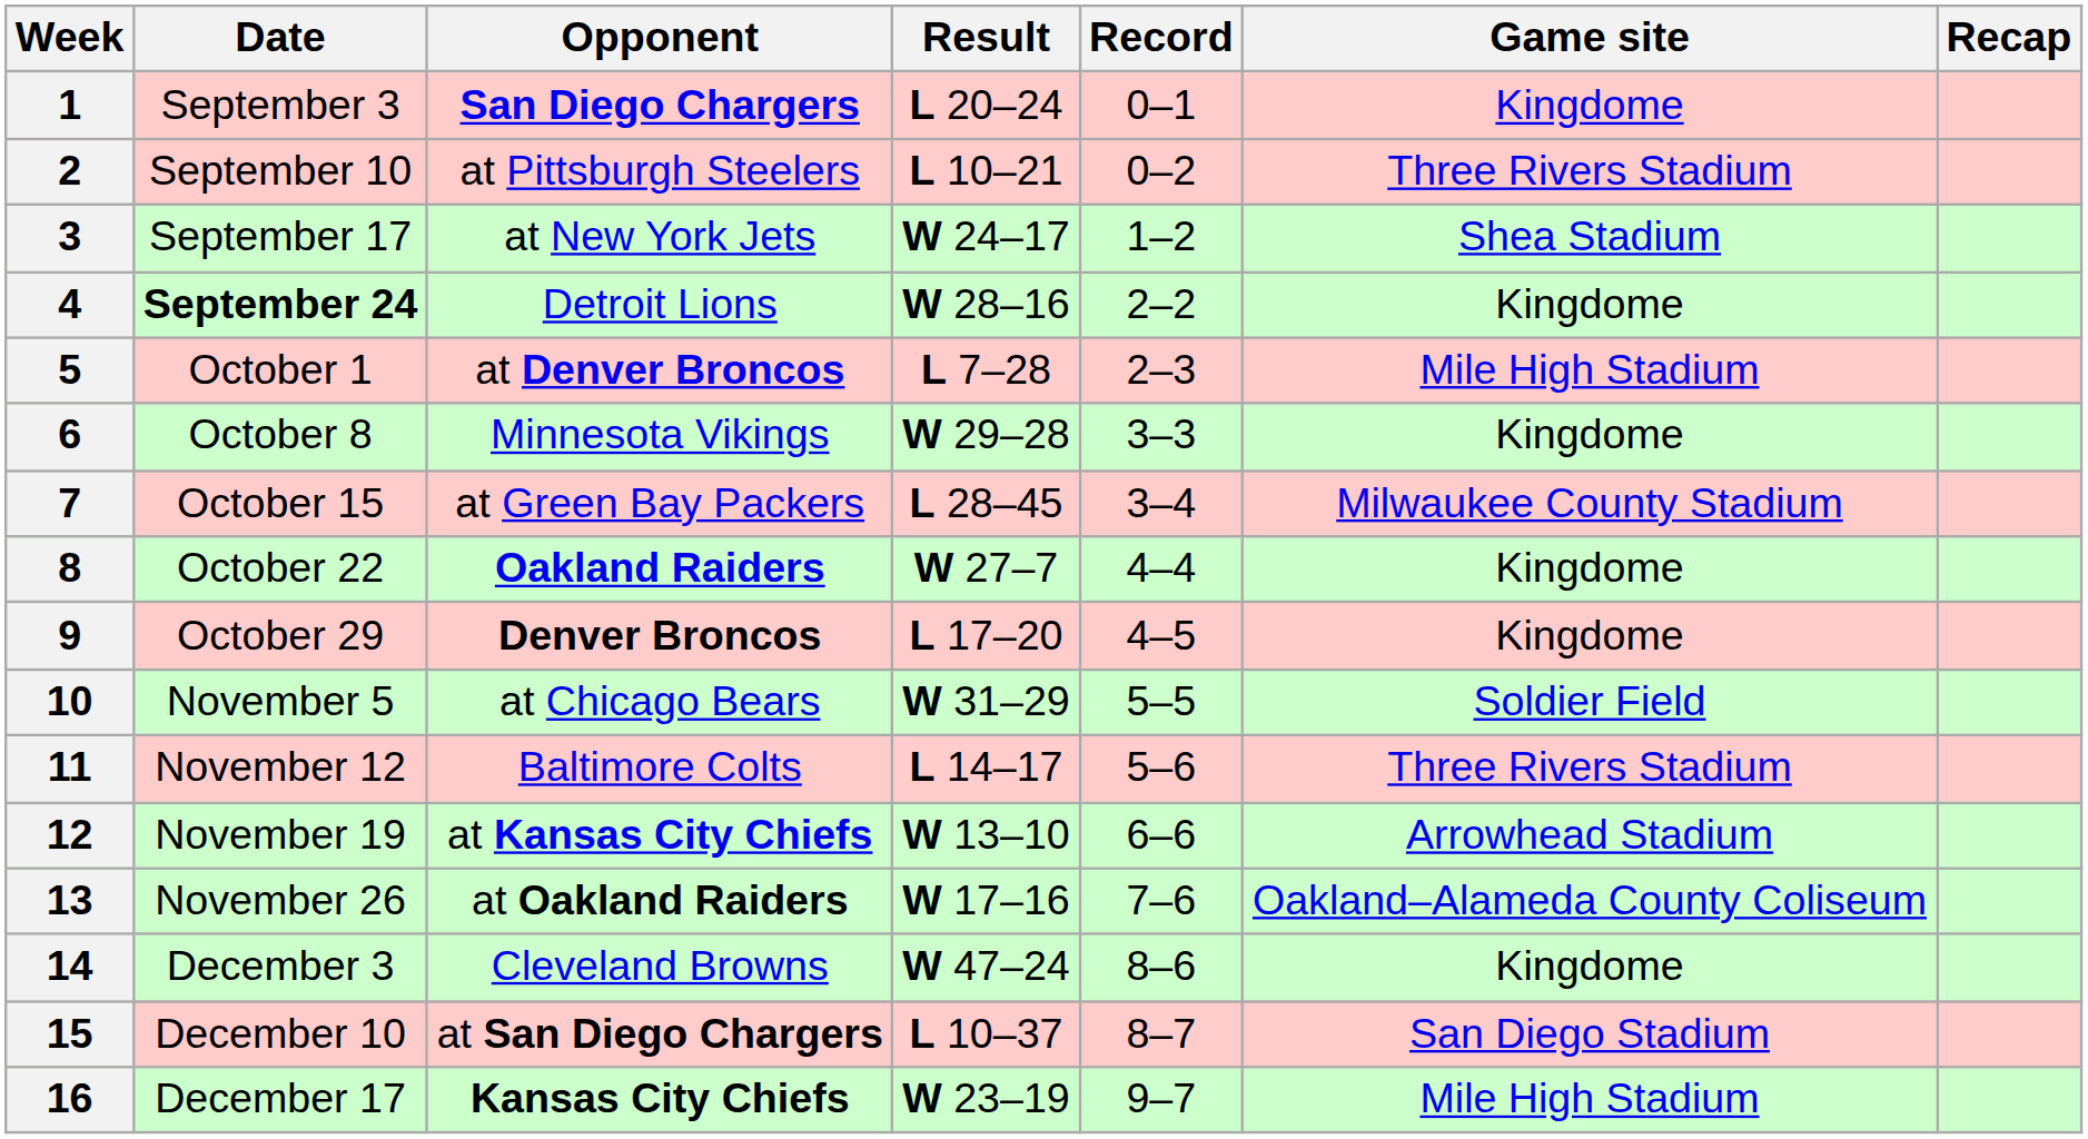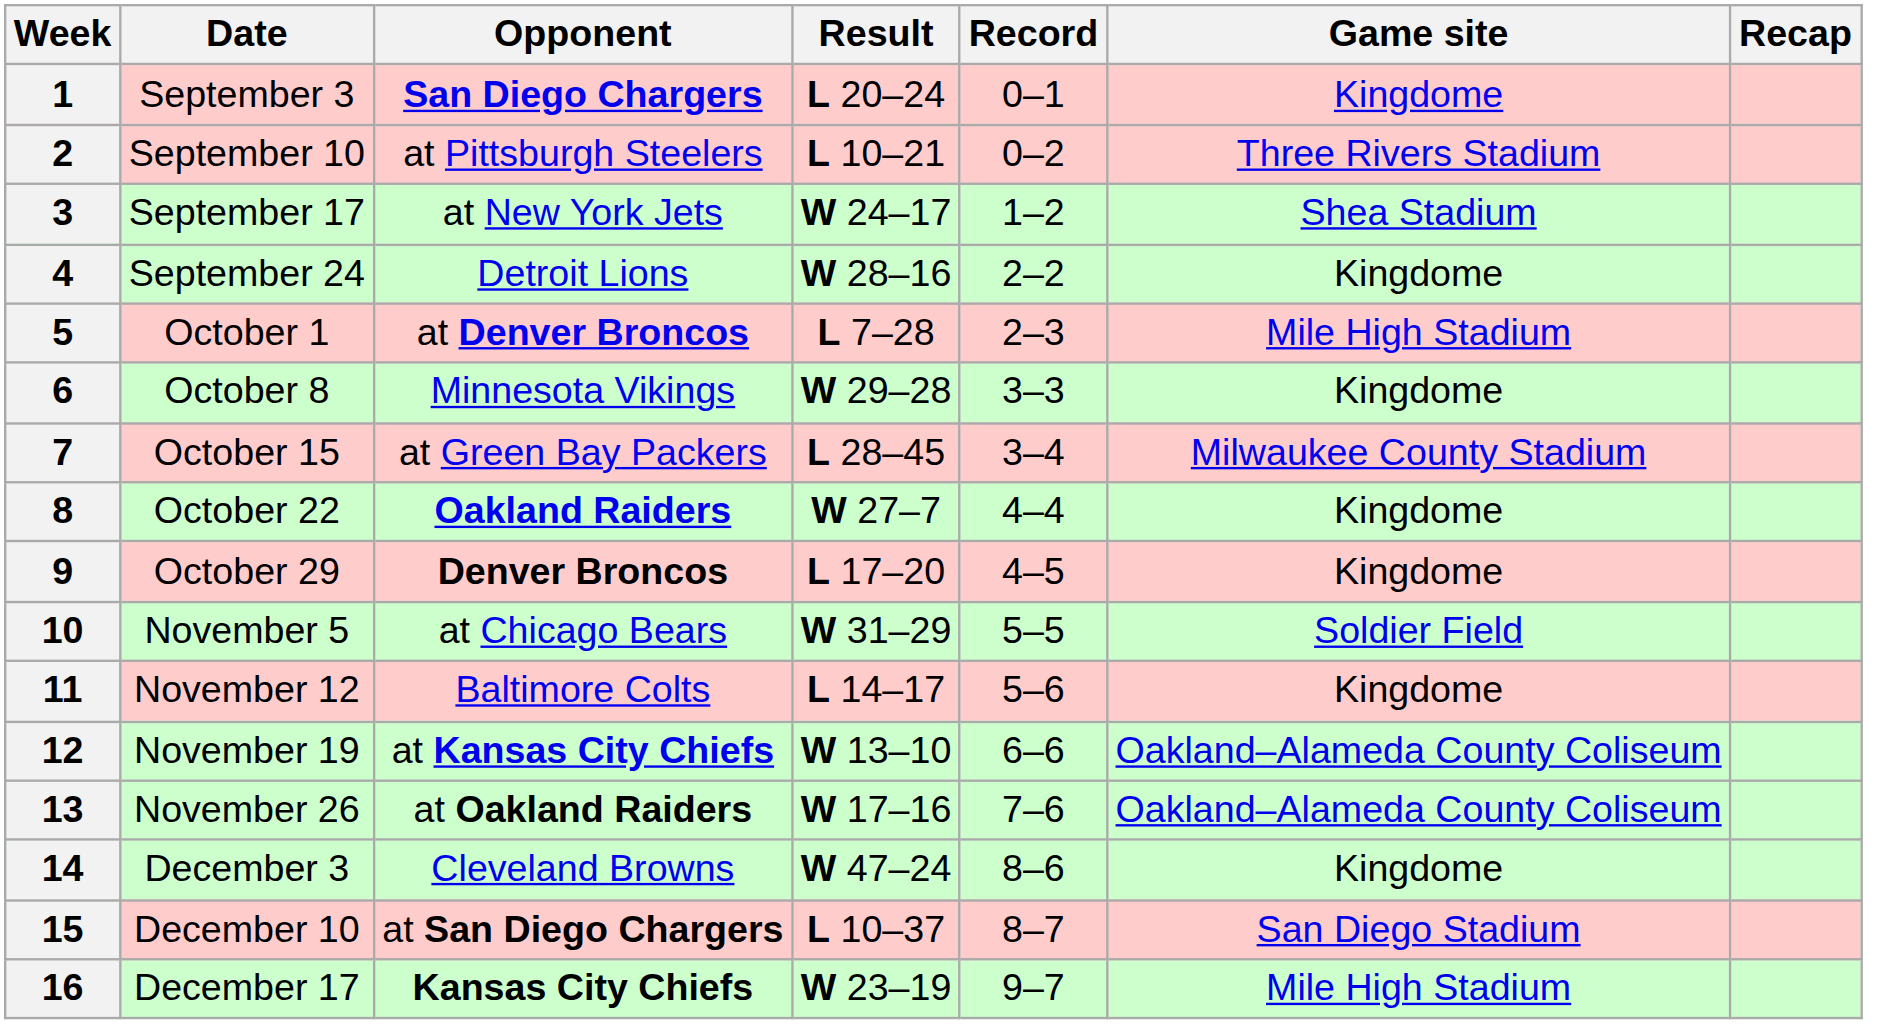 <table class="wikitable" style="text-align:center">
 <tr>
 <th>Week</th>
 <th>Date</th>
 <th>Opponent</th>
 <th>Result</th>
 <th>Record</th>
 <th>Game site</th>
 <th>Recap</th>
 </tr>
 <tr style="background:#fcc">
 <th>1</th>
 <td>September 3</td>
 <td><strong><a href='#'>San Diego Chargers</a></strong></td>
 <td><strong>L</strong> 20–24</td>
 <td>0–1</td>
 <td><a href='#'>Kingdome</a></td>
 <td></td>
 </tr>
 <tr style="background:#fcc">
 <th>2</th>
 <td>September 10</td>
 <td>at <a href='#'>Pittsburgh Steelers</a></td>
 <td><strong>L</strong> 10–21</td>
 <td>0–2</td>
 <td><a href='#'>Three Rivers Stadium</a></td>
 <td></td>
 </tr>
 <tr style="background:#cfc">
 <th>3</th>
 <td>September 17</td>
 <td>at <a href='#'>New York Jets</a></td>
 <td><strong>W</strong> 24–17</td>
 <td>1–2</td>
 <td><a href='#'>Shea Stadium</a></td>
 <td></td>
 </tr>
 <tr style="background:#cfc">
 <th>4</th>
-<td><strong>September 24</strong></td>
+<td>September 24</td>
 <td><a href='#'>Detroit Lions</a></td>
 <td><strong>W</strong> 28–16</td>
 <td>2–2</td>
 <td>Kingdome</td>
 <td></td>
 </tr>
 <tr style="background:#fcc">
 <th>5</th>
 <td>October 1</td>
 <td>at <strong><a href='#'>Denver Broncos</a></strong></td>
 <td><strong>L</strong> 7–28</td>
 <td>2–3</td>
 <td><a href='#'>Mile High Stadium</a></td>
 <td></td>
 </tr>
 <tr style="background:#cfc">
 <th>6</th>
 <td>October 8</td>
 <td><a href='#'>Minnesota Vikings</a></td>
 <td><strong>W</strong> 29–28</td>
 <td>3–3</td>
 <td>Kingdome</td>
 <td></td>
 </tr>
 <tr style="background:#fcc">
 <th>7</th>
 <td>October 15</td>
 <td>at <a href='#'>Green Bay Packers</a></td>
 <td><strong>L</strong> 28–45</td>
 <td>3–4</td>
 <td><a href='#'>Milwaukee County Stadium</a></td>
 <td></td>
 </tr>
 <tr style="background:#cfc">
 <th>8</th>
 <td>October 22</td>
 <td><strong><a href='#'>Oakland Raiders</a></strong></td>
 <td><strong>W</strong> 27–7</td>
 <td>4–4</td>
 <td>Kingdome</td>
 <td></td>
 </tr>
 <tr style="background:#fcc">
 <th>9</th>
 <td>October 29</td>
 <td><strong>Denver Broncos</strong></td>
 <td><strong>L</strong> 17–20 </td>
 <td>4–5</td>
 <td>Kingdome</td>
 <td></td>
 </tr>
 <tr style="background:#cfc">
 <th>10</th>
 <td>November 5</td>
 <td>at <a href='#'>Chicago Bears</a></td>
 <td><strong>W</strong> 31–29</td>
 <td>5–5</td>
 <td><a href='#'>Soldier Field</a></td>
 <td></td>
 </tr>
 <tr style="background:#fcc">
 <th>11</th>
 <td>November 12</td>
 <td><a href='#'>Baltimore Colts</a></td>
 <td><strong>L</strong> 14–17</td>
 <td>5–6</td>
-<td><a href='#'>Three Rivers Stadium</a></td>
+<td>Kingdome</td>
 <td></td>
 </tr>
 <tr style="background:#cfc">
 <th>12</th>
 <td>November 19</td>
 <td>at <strong><a href='#'>Kansas City Chiefs</a></strong></td>
 <td><strong>W</strong> 13–10</td>
 <td>6–6</td>
-<td><a href='#'>Arrowhead Stadium</a></td>
+<td><a href='#'>Oakland–Alameda County Coliseum</a></td>
 <td></td>
 </tr>
 <tr style="background:#cfc">
 <th>13</th>
 <td>November 26</td>
 <td>at <strong>Oakland Raiders</strong></td>
 <td><strong>W</strong> 17–16</td>
 <td>7–6</td>
 <td><a href='#'>Oakland–Alameda County Coliseum</a></td>
 <td></td>
 </tr>
 <tr style="background:#cfc">
 <th>14</th>
 <td>December 3</td>
 <td><a href='#'>Cleveland Browns</a></td>
 <td><strong>W</strong> 47–24</td>
 <td>8–6</td>
 <td>Kingdome</td>
 <td></td>
 </tr>
 <tr style="background:#fcc">
 <th>15</th>
 <td>December 10</td>
 <td>at <strong>San Diego Chargers</strong></td>
 <td><strong>L</strong> 10–37</td>
 <td>8–7</td>
 <td><a href='#'>San Diego Stadium</a></td>
 <td></td>
 </tr>
 <tr style="background:#cfc">
 <th>16</th>
 <td>December 17</td>
 <td><strong>Kansas City Chiefs</strong></td>
 <td><strong>W</strong> 23–19</td>
 <td>9–7</td>
 <td><a href='#'>Mile High Stadium</a></td>
 <td></td>
 </tr>
 </table>
